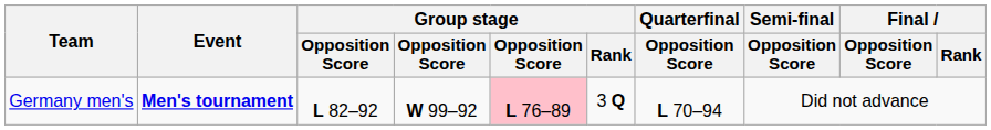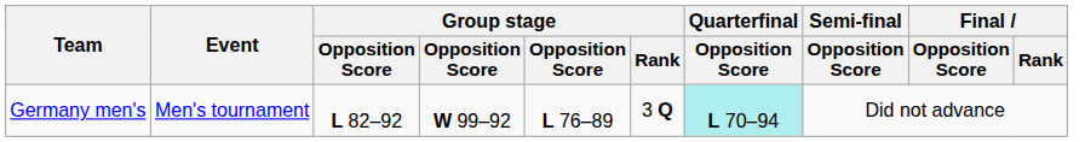 <table class="wikitable" style="font-size:90%">
 <tr>
 <th rowspan=2>Team</th>
 <th rowspan=2>Event</th>
 <th colspan=4>Group stage</th>
 <th>Quarterfinal</th>
 <th>Semi-final</th>
 <th colspan=2>Final / </th>
 </tr>
 <tr style="font-size:95%">
 <th>Opposition<br>Score</th>
 <th>Opposition<br>Score</th>
 <th>Opposition<br>Score</th>
 <th>Rank</th>
 <th>Opposition<br>Score</th>
 <th>Opposition<br>Score</th>
 <th>Opposition<br>Score</th>
 <th>Rank</th>
 </tr>
 <tr align=center>
 <td align=left><a href='#'>Germany men's</a></td>
-<td align=left><strong><a href='#'>Men's tournament</a></strong></td>
+<td align=left><a href='#'>Men's tournament</a></td>
 <td><br><strong>L</strong> 82–92</td>
 <td><br><strong>W</strong> 99–92</td>
-<td style="background: pink;"><br><strong>L</strong> 76–89</td>
+<td><br><strong>L</strong> 76–89</td>
 <td>3 <strong>Q</strong></td>
-<td><br><strong>L</strong> 70–94</td>
+<td style="background: paleturquoise;"><br><strong>L</strong> 70–94</td>
 <td colspan=3>Did not advance</td>
 </tr>
 </table>
